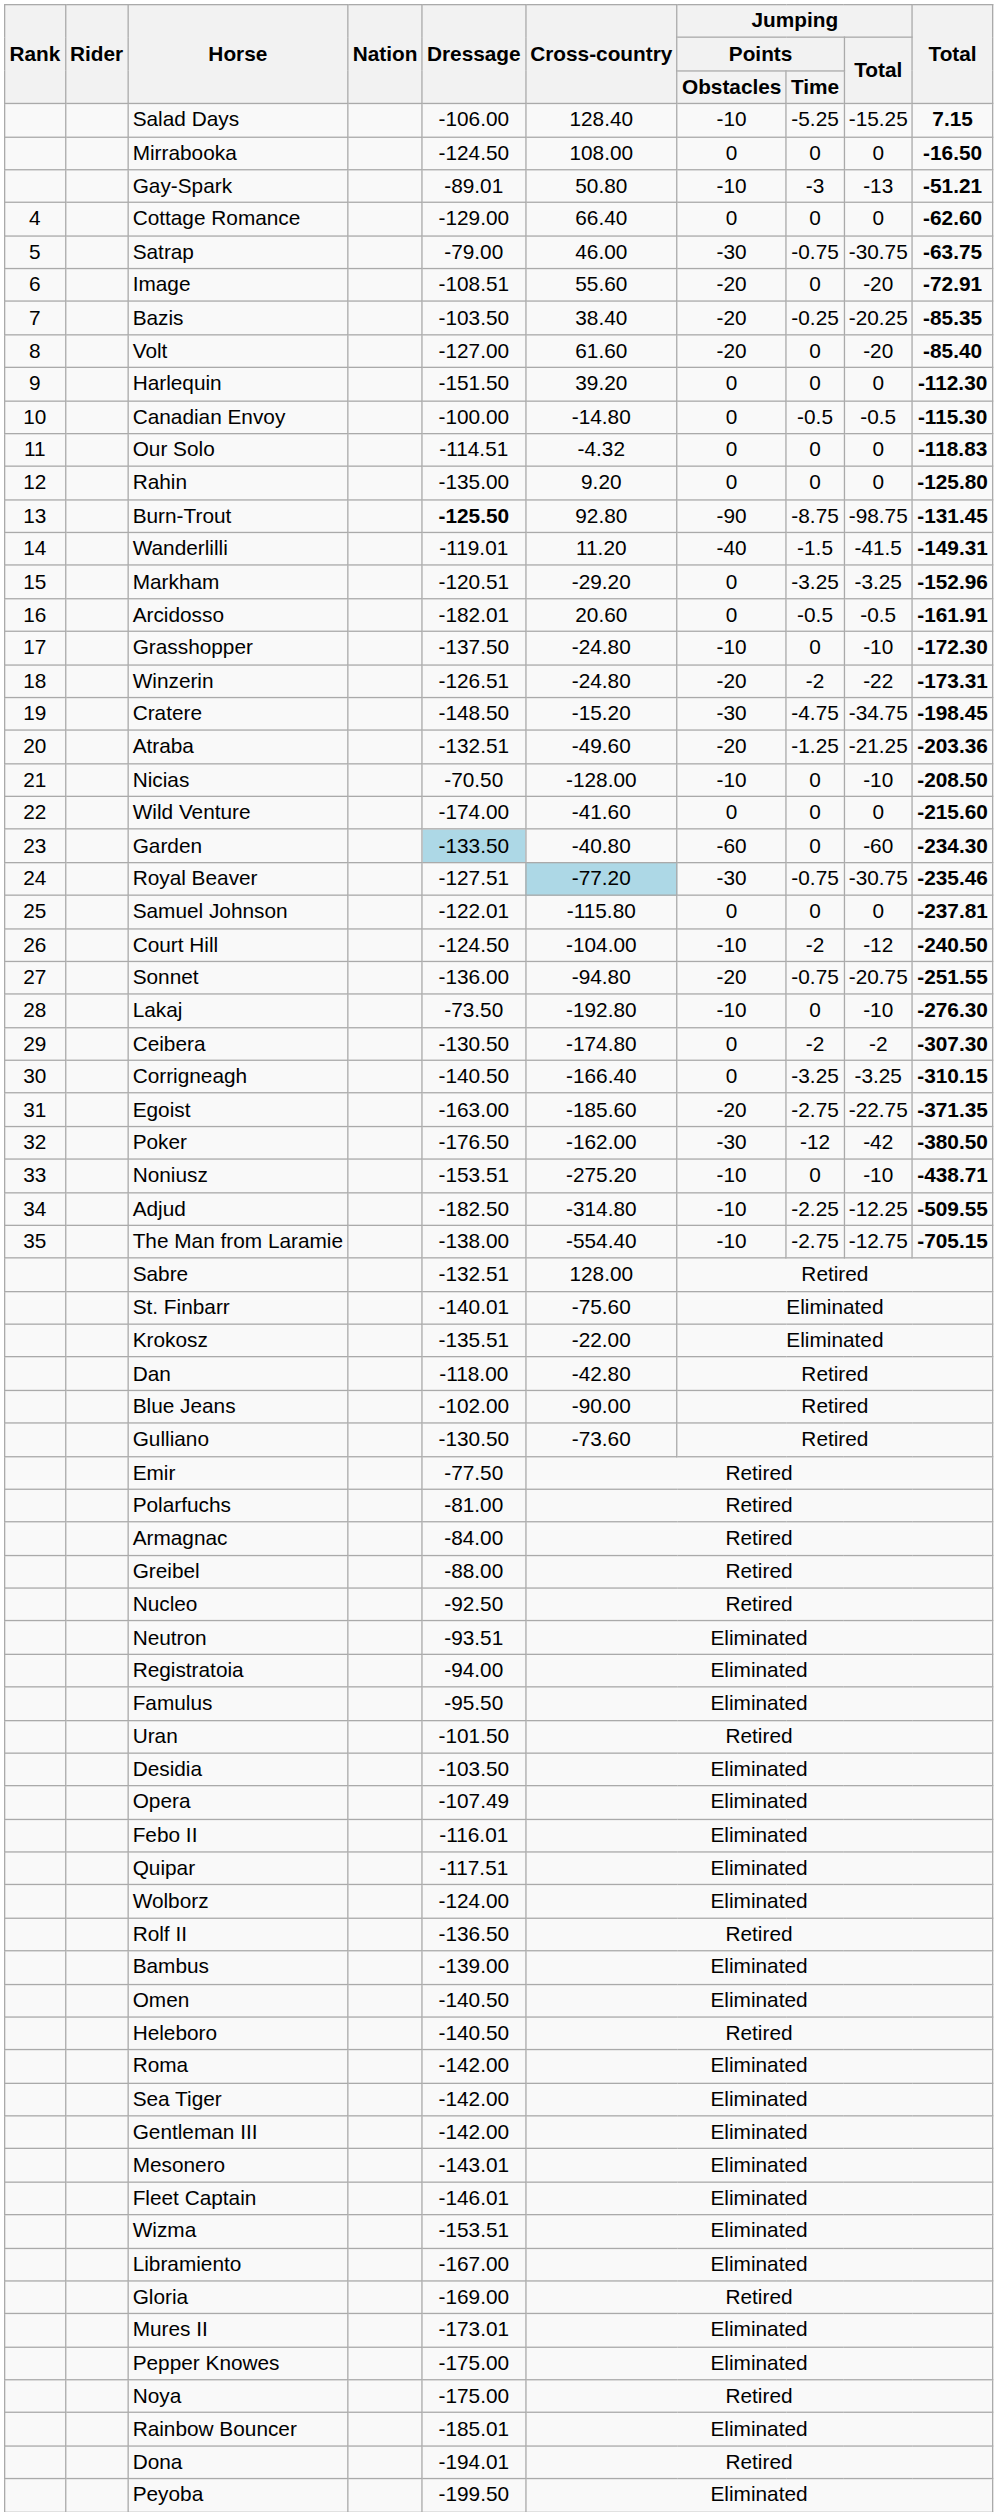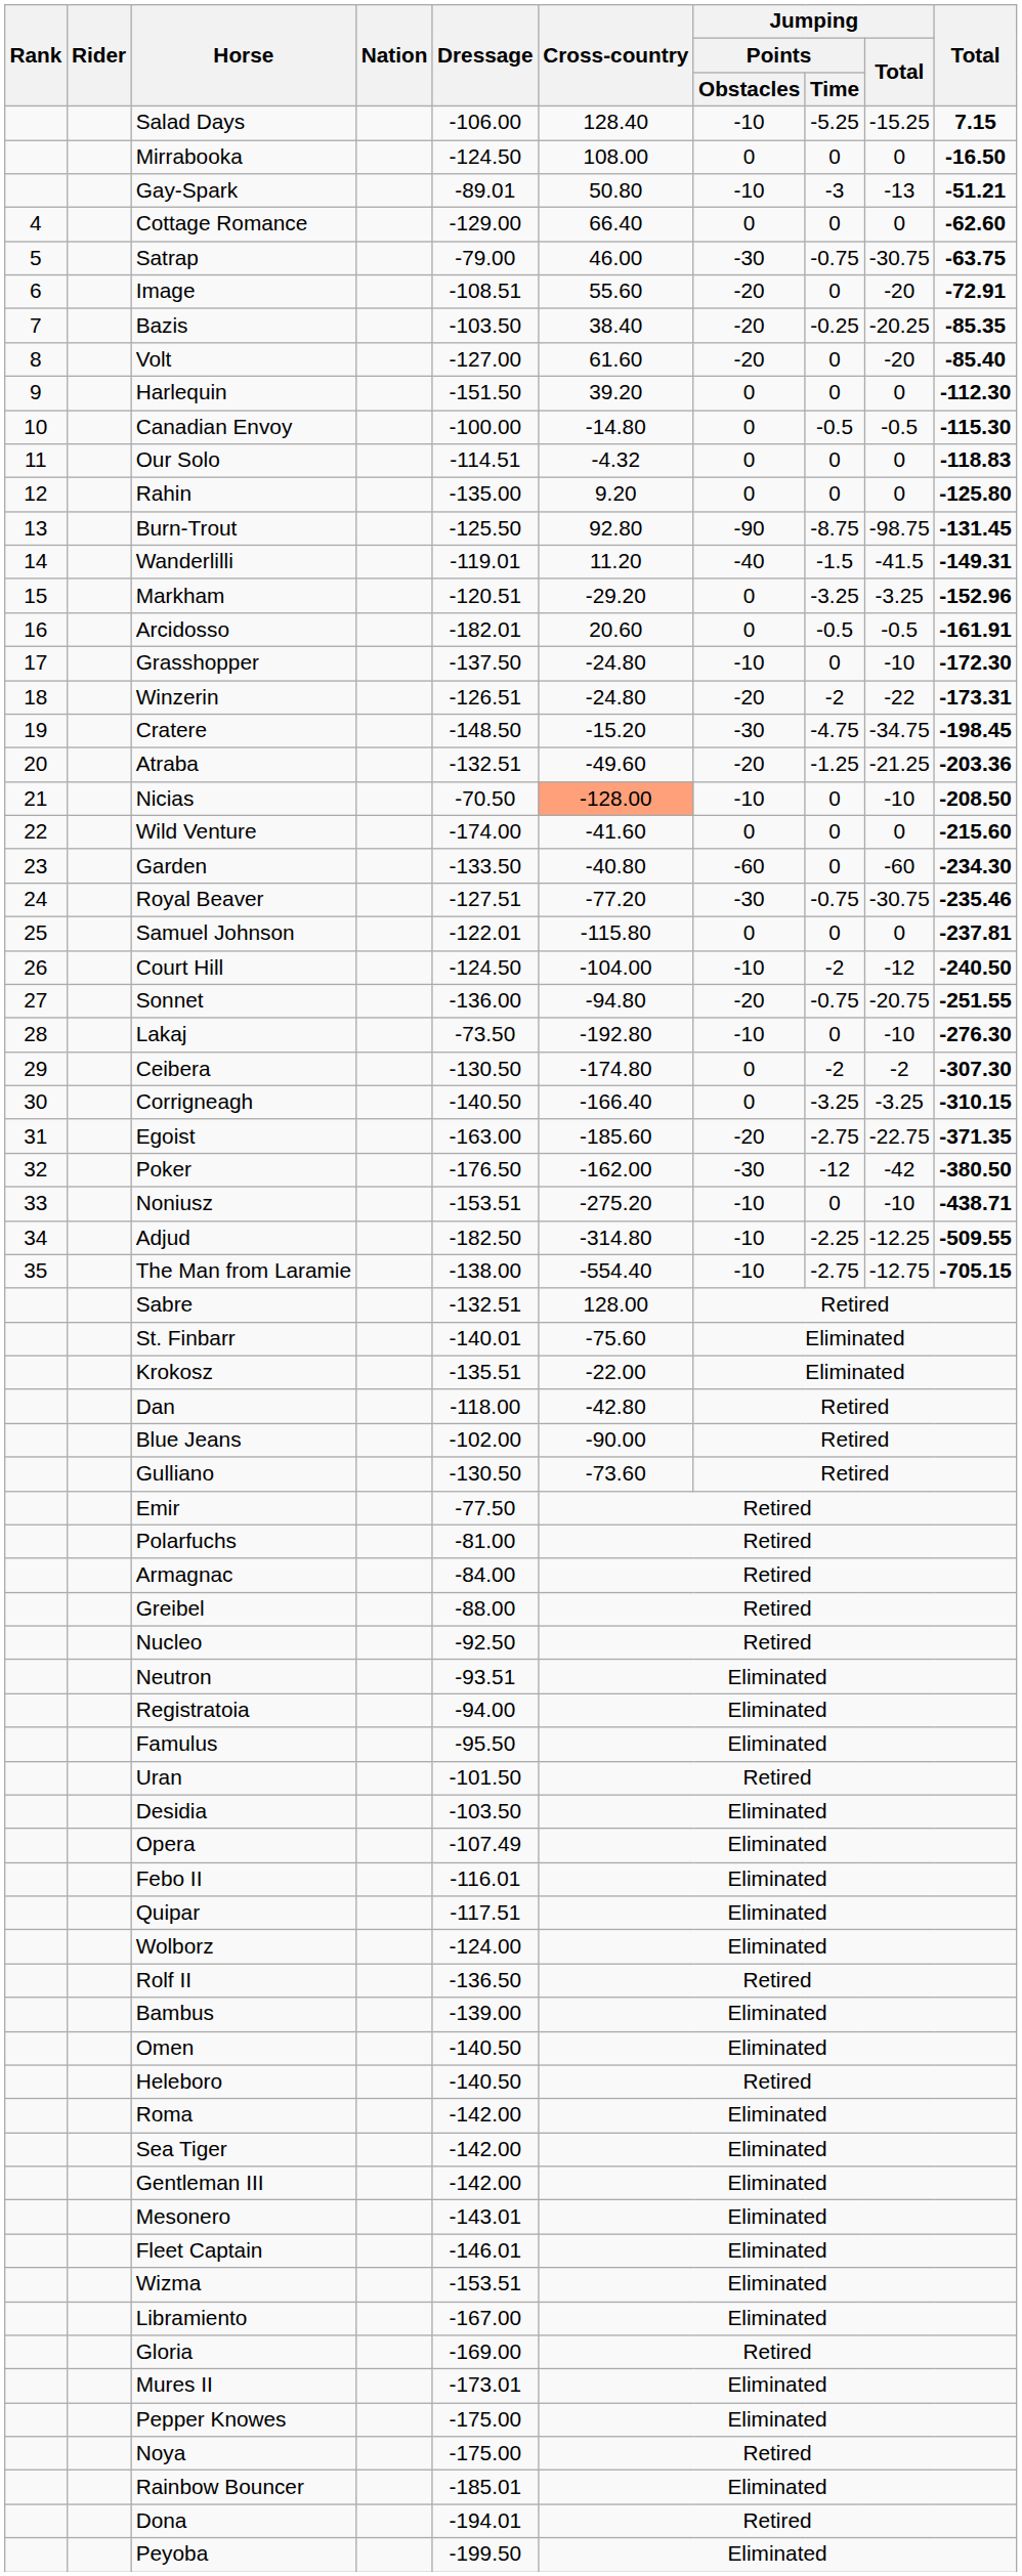 <table class="wikitable sortable" style="text-align:center">
 <tr>
 <th rowspan=3>Rank</th>
 <th rowspan=3>Rider</th>
 <th rowspan=3>Horse</th>
 <th rowspan=3>Nation</th>
 <th rowspan=3>Dressage</th>
 <th rowspan=3>Cross-country</th>
 <th colspan=3>Jumping</th>
 <th rowspan=3>Total</th>
 </tr>
 <tr>
 <th colspan=2>Points</th>
 <th rowspan=2>Total</th>
 </tr>
 <tr>
 <th>Obstacles</th>
 <th>Time</th>
 </tr>
 <tr>
 <td></td>
 <td align=left></td>
 <td align=left>Salad Days</td>
 <td align=left></td>
 <td>-106.00</td>
 <td>128.40</td>
 <td>-10</td>
 <td>-5.25</td>
 <td>-15.25</td>
 <td><strong>7.15</strong></td>
 </tr>
 <tr>
 <td></td>
 <td align=left></td>
 <td align=left>Mirrabooka</td>
 <td align=left></td>
 <td>-124.50</td>
 <td>108.00</td>
 <td>0</td>
 <td>0</td>
 <td>0</td>
 <td><strong>-16.50</strong></td>
 </tr>
 <tr>
 <td></td>
 <td align=left></td>
 <td align=left>Gay-Spark</td>
 <td align=left></td>
 <td>-89.01</td>
 <td>50.80</td>
 <td>-10</td>
 <td>-3</td>
 <td>-13</td>
 <td><strong>-51.21</strong></td>
 </tr>
 <tr>
 <td>4</td>
 <td align=left></td>
 <td align=left>Cottage Romance</td>
 <td align=left></td>
 <td>-129.00</td>
 <td>66.40</td>
 <td>0</td>
 <td>0</td>
 <td>0</td>
 <td><strong>-62.60</strong></td>
 </tr>
 <tr>
 <td>5</td>
 <td align=left></td>
 <td align=left>Satrap</td>
 <td align=left></td>
 <td>-79.00</td>
 <td>46.00</td>
 <td>-30</td>
 <td>-0.75</td>
 <td>-30.75</td>
 <td><strong>-63.75</strong></td>
 </tr>
 <tr>
 <td>6</td>
 <td align=left></td>
 <td align=left>Image</td>
 <td align=left></td>
 <td>-108.51</td>
 <td>55.60</td>
 <td>-20</td>
 <td>0</td>
 <td>-20</td>
 <td><strong>-72.91</strong></td>
 </tr>
 <tr>
 <td>7</td>
 <td align=left></td>
 <td align=left>Bazis</td>
 <td align=left></td>
 <td>-103.50</td>
 <td>38.40</td>
 <td>-20</td>
 <td>-0.25</td>
 <td>-20.25</td>
 <td><strong>-85.35</strong></td>
 </tr>
 <tr>
 <td>8</td>
 <td align=left></td>
 <td align=left>Volt</td>
 <td align=left></td>
 <td>-127.00</td>
 <td>61.60</td>
 <td>-20</td>
 <td>0</td>
 <td>-20</td>
 <td><strong>-85.40</strong></td>
 </tr>
 <tr>
 <td>9</td>
 <td align=left></td>
 <td align=left>Harlequin</td>
 <td align=left></td>
 <td>-151.50</td>
 <td>39.20</td>
 <td>0</td>
 <td>0</td>
 <td>0</td>
 <td><strong>-112.30</strong></td>
 </tr>
 <tr>
 <td>10</td>
 <td align=left></td>
 <td align=left>Canadian Envoy</td>
 <td align=left></td>
 <td>-100.00</td>
 <td>-14.80</td>
 <td>0</td>
 <td>-0.5</td>
 <td>-0.5</td>
 <td><strong>-115.30</strong></td>
 </tr>
 <tr>
 <td>11</td>
 <td align=left></td>
 <td align=left>Our Solo</td>
 <td align=left></td>
 <td>-114.51</td>
 <td>-4.32</td>
 <td>0</td>
 <td>0</td>
 <td>0</td>
 <td><strong>-118.83</strong></td>
 </tr>
 <tr>
 <td>12</td>
 <td align=left></td>
 <td align=left>Rahin</td>
 <td align=left></td>
 <td>-135.00</td>
 <td>9.20</td>
 <td>0</td>
 <td>0</td>
 <td>0</td>
 <td><strong>-125.80</strong></td>
 </tr>
 <tr>
 <td>13</td>
 <td align=left></td>
 <td align=left>Burn-Trout</td>
 <td align=left></td>
-<td><strong>-125.50</strong></td>
+<td>-125.50</td>
 <td>92.80</td>
 <td>-90</td>
 <td>-8.75</td>
 <td>-98.75</td>
 <td><strong>-131.45</strong></td>
 </tr>
 <tr>
 <td>14</td>
 <td align=left></td>
 <td align=left>Wanderlilli</td>
 <td align=left></td>
 <td>-119.01</td>
 <td>11.20</td>
 <td>-40</td>
 <td>-1.5</td>
 <td>-41.5</td>
 <td><strong>-149.31</strong></td>
 </tr>
 <tr>
 <td>15</td>
 <td align=left></td>
 <td align=left>Markham</td>
 <td align=left></td>
 <td>-120.51</td>
 <td>-29.20</td>
 <td>0</td>
 <td>-3.25</td>
 <td>-3.25</td>
 <td><strong>-152.96</strong></td>
 </tr>
 <tr>
 <td>16</td>
 <td align=left></td>
 <td align=left>Arcidosso</td>
 <td align=left></td>
 <td>-182.01</td>
 <td>20.60</td>
 <td>0</td>
 <td>-0.5</td>
 <td>-0.5</td>
 <td><strong>-161.91</strong></td>
 </tr>
 <tr>
 <td>17</td>
 <td align=left></td>
 <td align=left>Grasshopper</td>
 <td align=left></td>
 <td>-137.50</td>
 <td>-24.80</td>
 <td>-10</td>
 <td>0</td>
 <td>-10</td>
 <td><strong>-172.30</strong></td>
 </tr>
 <tr>
 <td>18</td>
 <td align=left></td>
 <td align=left>Winzerin</td>
 <td align=left></td>
 <td>-126.51</td>
 <td>-24.80</td>
 <td>-20</td>
 <td>-2</td>
 <td>-22</td>
 <td><strong>-173.31</strong></td>
 </tr>
 <tr>
 <td>19</td>
 <td align=left></td>
 <td align=left>Cratere</td>
 <td align=left></td>
 <td>-148.50</td>
 <td>-15.20</td>
 <td>-30</td>
 <td>-4.75</td>
 <td>-34.75</td>
 <td><strong>-198.45</strong></td>
 </tr>
 <tr>
 <td>20</td>
 <td align=left></td>
 <td align=left>Atraba</td>
 <td align=left></td>
 <td>-132.51</td>
 <td>-49.60</td>
 <td>-20</td>
 <td>-1.25</td>
 <td>-21.25</td>
 <td><strong>-203.36</strong></td>
 </tr>
 <tr>
 <td>21</td>
 <td align=left></td>
 <td align=left>Nicias</td>
 <td align=left></td>
 <td>-70.50</td>
-<td>-128.00</td>
+<td style="background: lightsalmon;">-128.00</td>
 <td>-10</td>
 <td>0</td>
 <td>-10</td>
 <td><strong>-208.50</strong></td>
 </tr>
 <tr>
 <td>22</td>
 <td align=left></td>
 <td align=left>Wild Venture</td>
 <td align=left></td>
 <td>-174.00</td>
 <td>-41.60</td>
 <td>0</td>
 <td>0</td>
 <td>0</td>
 <td><strong>-215.60</strong></td>
 </tr>
 <tr>
 <td>23</td>
 <td align=left></td>
 <td align=left>Garden</td>
 <td align=left></td>
-<td style="background: lightblue;">-133.50</td>
+<td>-133.50</td>
 <td>-40.80</td>
 <td>-60</td>
 <td>0</td>
 <td>-60</td>
 <td><strong>-234.30</strong></td>
 </tr>
 <tr>
 <td>24</td>
 <td align=left></td>
 <td align=left>Royal Beaver</td>
 <td align=left></td>
 <td>-127.51</td>
-<td style="background: lightblue;">-77.20</td>
+<td>-77.20</td>
 <td>-30</td>
 <td>-0.75</td>
 <td>-30.75</td>
 <td><strong>-235.46</strong></td>
 </tr>
 <tr>
 <td>25</td>
 <td align=left></td>
 <td align=left>Samuel Johnson</td>
 <td align=left></td>
 <td>-122.01</td>
 <td>-115.80</td>
 <td>0</td>
 <td>0</td>
 <td>0</td>
 <td><strong>-237.81</strong></td>
 </tr>
 <tr>
 <td>26</td>
 <td align=left></td>
 <td align=left>Court Hill</td>
 <td align=left></td>
 <td>-124.50</td>
 <td>-104.00</td>
 <td>-10</td>
 <td>-2</td>
 <td>-12</td>
 <td><strong>-240.50</strong></td>
 </tr>
 <tr>
 <td>27</td>
 <td align=left></td>
 <td align=left>Sonnet</td>
 <td align=left></td>
 <td>-136.00</td>
 <td>-94.80</td>
 <td>-20</td>
 <td>-0.75</td>
 <td>-20.75</td>
 <td><strong>-251.55</strong></td>
 </tr>
 <tr>
 <td>28</td>
 <td align=left></td>
 <td align=left>Lakaj</td>
 <td align=left></td>
 <td>-73.50</td>
 <td>-192.80</td>
 <td>-10</td>
 <td>0</td>
 <td>-10</td>
 <td><strong>-276.30</strong></td>
 </tr>
 <tr>
 <td>29</td>
 <td align=left></td>
 <td align=left>Ceibera</td>
 <td align=left></td>
 <td>-130.50</td>
 <td>-174.80</td>
 <td>0</td>
 <td>-2</td>
 <td>-2</td>
 <td><strong>-307.30</strong></td>
 </tr>
 <tr>
 <td>30</td>
 <td align=left></td>
 <td align=left>Corrigneagh</td>
 <td align=left></td>
 <td>-140.50</td>
 <td>-166.40</td>
 <td>0</td>
 <td>-3.25</td>
 <td>-3.25</td>
 <td><strong>-310.15</strong></td>
 </tr>
 <tr>
 <td>31</td>
 <td align=left></td>
 <td align=left>Egoist</td>
 <td align=left></td>
 <td>-163.00</td>
 <td>-185.60</td>
 <td>-20</td>
 <td>-2.75</td>
 <td>-22.75</td>
 <td><strong>-371.35</strong></td>
 </tr>
 <tr>
 <td>32</td>
 <td align=left></td>
 <td align=left>Poker</td>
 <td align=left></td>
 <td>-176.50</td>
 <td>-162.00</td>
 <td>-30</td>
 <td>-12</td>
 <td>-42</td>
 <td><strong>-380.50</strong></td>
 </tr>
 <tr>
 <td>33</td>
 <td align=left></td>
 <td align=left>Noniusz</td>
 <td align=left></td>
 <td>-153.51</td>
 <td>-275.20</td>
 <td>-10</td>
 <td>0</td>
 <td>-10</td>
 <td><strong>-438.71</strong></td>
 </tr>
 <tr>
 <td>34</td>
 <td align=left></td>
 <td align=left>Adjud</td>
 <td align=left></td>
 <td>-182.50</td>
 <td>-314.80</td>
 <td>-10</td>
 <td>-2.25</td>
 <td>-12.25</td>
 <td><strong>-509.55</strong></td>
 </tr>
 <tr>
 <td>35</td>
 <td align=left></td>
 <td align=left>The Man from Laramie</td>
 <td align=left></td>
 <td>-138.00</td>
 <td>-554.40</td>
 <td>-10</td>
 <td>-2.75</td>
 <td>-12.75</td>
 <td><strong>-705.15</strong></td>
 </tr>
 <tr>
 <td></td>
 <td align=left></td>
 <td align=left>Sabre</td>
 <td align=left></td>
 <td>-132.51</td>
 <td>128.00</td>
 <td colspan=4>Retired</td>
 </tr>
 <tr>
 <td></td>
 <td align=left></td>
 <td align=left>St. Finbarr</td>
 <td align=left></td>
 <td>-140.01</td>
 <td>-75.60</td>
 <td colspan=4>Eliminated</td>
 </tr>
 <tr>
 <td></td>
 <td align=left></td>
 <td align=left>Krokosz</td>
 <td align=left></td>
 <td>-135.51</td>
 <td>-22.00</td>
 <td colspan=4>Eliminated</td>
 </tr>
 <tr>
 <td></td>
 <td align=left></td>
 <td align=left>Dan</td>
 <td align=left></td>
 <td>-118.00</td>
 <td>-42.80</td>
 <td colspan=4>Retired</td>
 </tr>
 <tr>
 <td></td>
 <td align=left></td>
 <td align=left>Blue Jeans</td>
 <td align=left></td>
 <td>-102.00</td>
 <td>-90.00</td>
 <td colspan=4>Retired</td>
 </tr>
 <tr>
 <td></td>
 <td align=left></td>
 <td align=left>Gulliano</td>
 <td align=left></td>
 <td>-130.50</td>
 <td>-73.60</td>
 <td colspan=4>Retired</td>
 </tr>
 <tr>
 <td></td>
 <td align=left></td>
 <td align=left>Emir</td>
 <td align=left></td>
 <td>-77.50</td>
 <td colspan=5>Retired</td>
 </tr>
 <tr>
 <td></td>
 <td align=left></td>
 <td align=left>Polarfuchs</td>
 <td align=left></td>
 <td>-81.00</td>
 <td colspan=5>Retired</td>
 </tr>
 <tr>
 <td></td>
 <td align=left></td>
 <td align=left>Armagnac</td>
 <td align=left></td>
 <td>-84.00</td>
 <td colspan=5>Retired</td>
 </tr>
 <tr>
 <td></td>
 <td align=left></td>
 <td align=left>Greibel</td>
 <td align=left></td>
 <td>-88.00</td>
 <td colspan=5>Retired</td>
 </tr>
 <tr>
 <td></td>
 <td align=left></td>
 <td align=left>Nucleo</td>
 <td align=left></td>
 <td>-92.50</td>
 <td colspan=5>Retired</td>
 </tr>
 <tr>
 <td></td>
 <td align=left></td>
 <td align=left>Neutron</td>
 <td align=left></td>
 <td>-93.51</td>
 <td colspan=5>Eliminated</td>
 </tr>
 <tr>
 <td></td>
 <td align=left></td>
 <td align=left>Registratoia</td>
 <td align=left></td>
 <td>-94.00</td>
 <td colspan=5>Eliminated</td>
 </tr>
 <tr>
 <td></td>
 <td align=left></td>
 <td align=left>Famulus</td>
 <td align=left></td>
 <td>-95.50</td>
 <td colspan=5>Eliminated</td>
 </tr>
 <tr>
 <td></td>
 <td align=left></td>
 <td align=left>Uran</td>
 <td align=left></td>
 <td>-101.50</td>
 <td colspan=5>Retired</td>
 </tr>
 <tr>
 <td></td>
 <td align=left></td>
 <td align=left>Desidia</td>
 <td align=left></td>
 <td>-103.50</td>
 <td colspan=5>Eliminated</td>
 </tr>
 <tr>
 <td></td>
 <td align=left></td>
 <td align=left>Opera</td>
 <td align=left></td>
 <td>-107.49</td>
 <td colspan=5>Eliminated</td>
 </tr>
 <tr>
 <td></td>
 <td align=left></td>
 <td align=left>Febo II</td>
 <td align=left></td>
 <td>-116.01</td>
 <td colspan=5>Eliminated</td>
 </tr>
 <tr>
 <td></td>
 <td align=left></td>
 <td align=left>Quipar</td>
 <td align=left></td>
 <td>-117.51</td>
 <td colspan=5>Eliminated</td>
 </tr>
 <tr>
 <td></td>
 <td align=left></td>
 <td align=left>Wolborz</td>
 <td align=left></td>
 <td>-124.00</td>
 <td colspan=5>Eliminated</td>
 </tr>
 <tr>
 <td></td>
 <td align=left></td>
 <td align=left>Rolf II</td>
 <td align=left></td>
 <td>-136.50</td>
 <td colspan=5>Retired</td>
 </tr>
 <tr>
 <td></td>
 <td align=left></td>
 <td align=left>Bambus</td>
 <td align=left></td>
 <td>-139.00</td>
 <td colspan=5>Eliminated</td>
 </tr>
 <tr>
 <td></td>
 <td align=left></td>
 <td align=left>Omen</td>
 <td align=left></td>
 <td>-140.50</td>
 <td colspan=5>Eliminated</td>
 </tr>
 <tr>
 <td></td>
 <td align=left></td>
 <td align=left>Heleboro</td>
 <td align=left></td>
 <td>-140.50</td>
 <td colspan=5>Retired</td>
 </tr>
 <tr>
 <td></td>
 <td align=left></td>
 <td align=left>Roma</td>
 <td align=left></td>
 <td>-142.00</td>
 <td colspan=5>Eliminated</td>
 </tr>
 <tr>
 <td></td>
 <td align=left></td>
 <td align=left>Sea Tiger</td>
 <td align=left></td>
 <td>-142.00</td>
 <td colspan=5>Eliminated</td>
 </tr>
 <tr>
 <td></td>
 <td align=left></td>
 <td align=left>Gentleman III</td>
 <td align=left></td>
 <td>-142.00</td>
 <td colspan=5>Eliminated</td>
 </tr>
 <tr>
 <td></td>
 <td align=left></td>
 <td align=left>Mesonero</td>
 <td align=left></td>
 <td>-143.01</td>
 <td colspan=5>Eliminated</td>
 </tr>
 <tr>
 <td></td>
 <td align=left></td>
 <td align=left>Fleet Captain</td>
 <td align=left></td>
 <td>-146.01</td>
 <td colspan=5>Eliminated</td>
 </tr>
 <tr>
 <td></td>
 <td align=left></td>
 <td align=left>Wizma</td>
 <td align=left></td>
 <td>-153.51</td>
 <td colspan=5>Eliminated</td>
 </tr>
 <tr>
 <td></td>
 <td align=left></td>
 <td align=left>Libramiento</td>
 <td align=left></td>
 <td>-167.00</td>
 <td colspan=5>Eliminated</td>
 </tr>
 <tr>
 <td></td>
 <td align=left></td>
 <td align=left>Gloria</td>
 <td align=left></td>
 <td>-169.00</td>
 <td colspan=5>Retired</td>
 </tr>
 <tr>
 <td></td>
 <td align=left></td>
 <td align=left>Mures II</td>
 <td align=left></td>
 <td>-173.01</td>
 <td colspan=5>Eliminated</td>
 </tr>
 <tr>
 <td></td>
 <td align=left></td>
 <td align=left>Pepper Knowes</td>
 <td align=left></td>
 <td>-175.00</td>
 <td colspan=5>Eliminated</td>
 </tr>
 <tr>
 <td></td>
 <td align=left></td>
 <td align=left>Noya</td>
 <td align=left></td>
 <td>-175.00</td>
 <td colspan=5>Retired</td>
 </tr>
 <tr>
 <td></td>
 <td align=left></td>
 <td align=left>Rainbow Bouncer</td>
 <td align=left></td>
 <td>-185.01</td>
 <td colspan=5>Eliminated</td>
 </tr>
 <tr>
 <td></td>
 <td align=left></td>
 <td align=left>Dona</td>
 <td align=left></td>
 <td>-194.01</td>
 <td colspan=5>Retired</td>
 </tr>
 <tr>
 <td></td>
 <td align=left></td>
 <td align=left>Peyoba</td>
 <td align=left></td>
 <td>-199.50</td>
 <td colspan=5>Eliminated</td>
 </tr>
 </table>
